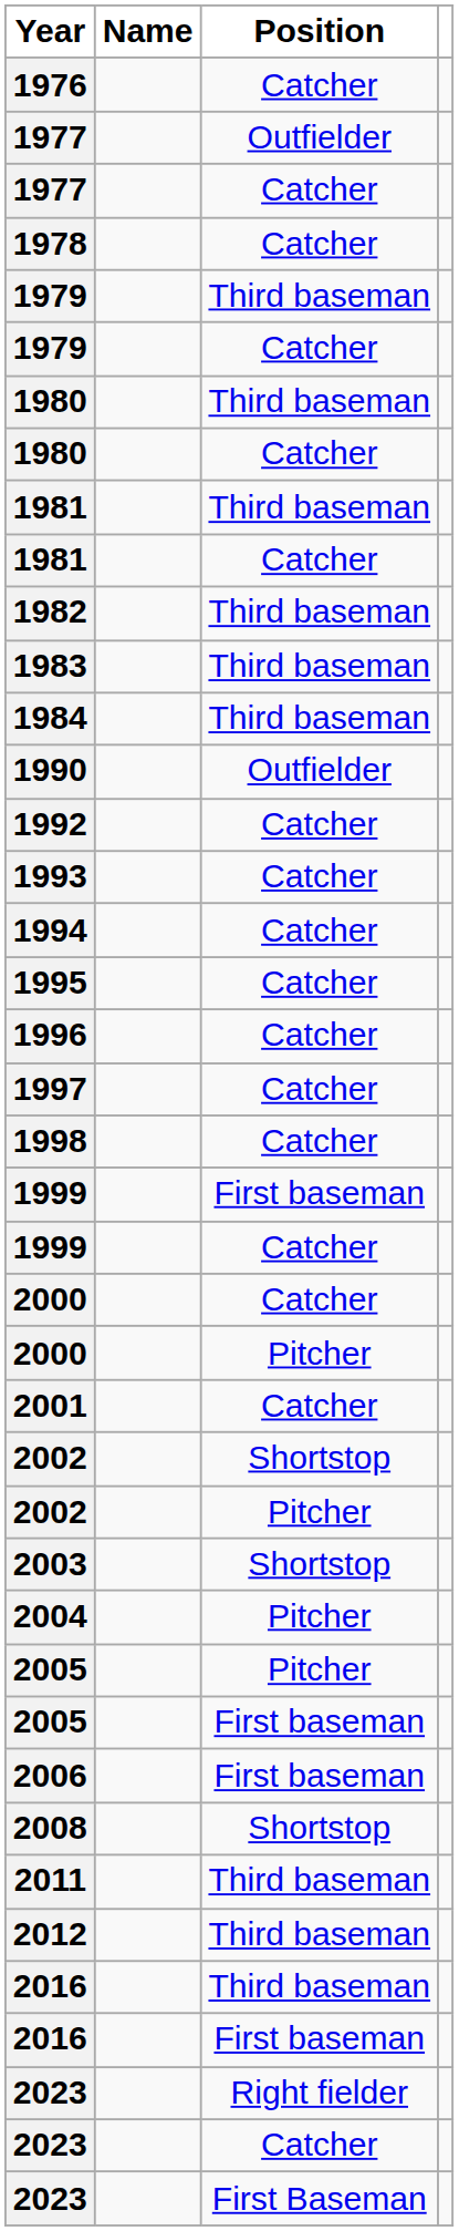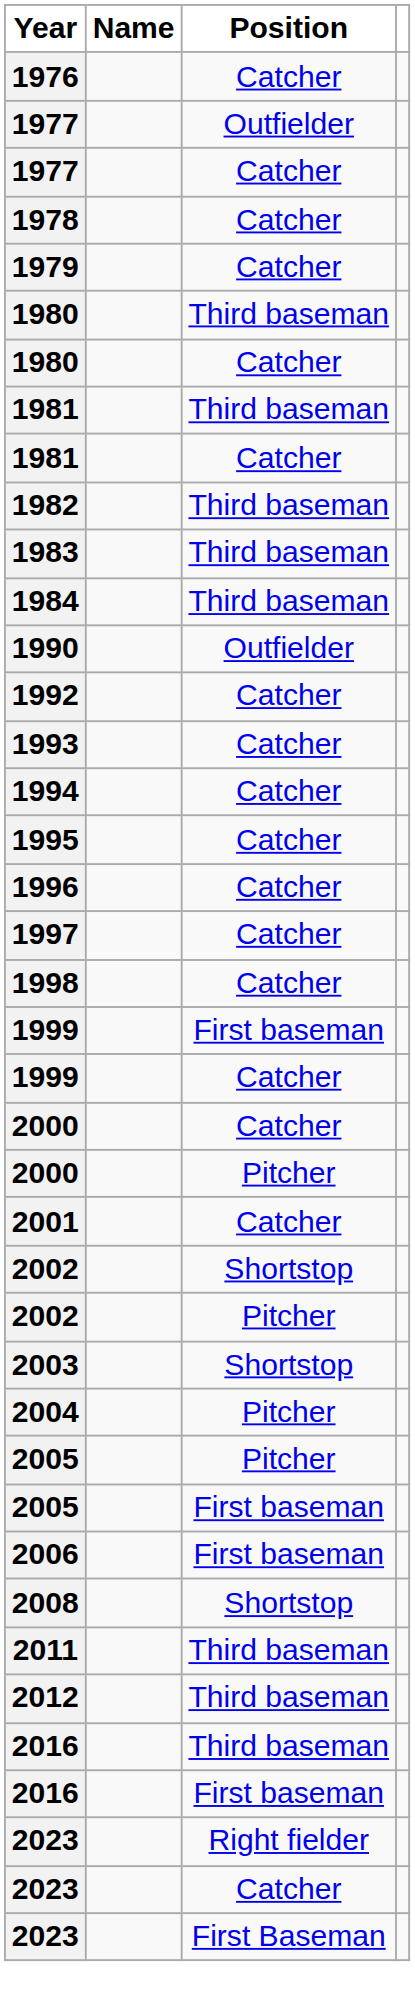 <table class="wikitable sortable plainrowheaders" style="text-align:center">
 <tr>
 <th scope="col" style="background-color:#ffffff; border-top:#">Year</th>
 <th scope="col" style="background-color:#ffffff; border-top:#">Name</th>
 <th scope="col" style="background-color:#ffffff; border-top:#">Position</th>
 <th scope="col" class="unsortable" style="background-color:#ffffff; border-top:#"></th>
 </tr>
 <tr>
 <th scope="row" style="text-align:center">1976</th>
 <td> </td>
 <td><a href='#'>Catcher</a></td>
 <td></td>
 </tr>
 <tr>
 <th scope="row" style="text-align:center">1977</th>
 <td></td>
 <td><a href='#'>Outfielder</a></td>
 <td></td>
 </tr>
 <tr>
 <th scope="row" style="text-align:center">1977</th>
 <td> </td>
 <td><a href='#'>Catcher</a></td>
 <td></td>
 </tr>
 <tr>
 <th scope="row" style="text-align:center">1978</th>
 <td> </td>
 <td><a href='#'>Catcher</a></td>
-<td></td>
-</tr>
-<tr>
-<th scope="row" style="text-align:center">1979</th>
-<td> </td>
-<td><a href='#'>Third baseman</a></td>
 <td></td>
 </tr>
 <tr>
 <th scope="row" style="text-align:center">1979</th>
 <td> </td>
 <td><a href='#'>Catcher</a></td>
 <td></td>
 </tr>
 <tr>
 <th scope="row" style="text-align:center">1980</th>
 <td> </td>
 <td><a href='#'>Third baseman</a></td>
 <td></td>
 </tr>
 <tr>
 <th scope="row" style="text-align:center">1980</th>
 <td> </td>
 <td><a href='#'>Catcher</a></td>
 <td></td>
 </tr>
 <tr>
 <th scope="row" style="text-align:center">1981</th>
 <td> </td>
 <td><a href='#'>Third baseman</a></td>
 <td></td>
 </tr>
 <tr>
 <th scope="row" style="text-align:center">1981</th>
 <td> </td>
 <td><a href='#'>Catcher</a></td>
 <td></td>
 </tr>
 <tr>
 <th scope="row" style="text-align:center">1982</th>
 <td> </td>
 <td><a href='#'>Third baseman</a></td>
 <td></td>
 </tr>
 <tr>
 <th scope="row" style="text-align:center">1983</th>
 <td> </td>
 <td><a href='#'>Third baseman</a></td>
 <td></td>
 </tr>
 <tr>
 <th scope="row" style="text-align:center">1984</th>
 <td> </td>
 <td><a href='#'>Third baseman</a></td>
 <td></td>
 </tr>
 <tr>
 <th scope="row" style="text-align:center">1990</th>
 <td></td>
 <td><a href='#'>Outfielder</a></td>
 <td></td>
 </tr>
 <tr>
 <th scope="row" style="text-align:center">1992</th>
 <td> </td>
 <td><a href='#'>Catcher</a></td>
 <td></td>
 </tr>
 <tr>
 <th scope="row" style="text-align:center">1993</th>
 <td> </td>
 <td><a href='#'>Catcher</a></td>
 <td></td>
 </tr>
 <tr>
 <th scope="row" style="text-align:center">1994</th>
 <td> </td>
 <td><a href='#'>Catcher</a></td>
 <td></td>
 </tr>
 <tr>
 <th scope="row" style="text-align:center">1995</th>
 <td> </td>
 <td><a href='#'>Catcher</a></td>
 <td></td>
 </tr>
 <tr>
 <th scope="row" style="text-align:center">1996</th>
 <td> </td>
 <td><a href='#'>Catcher</a></td>
 <td></td>
 </tr>
 <tr>
 <th scope="row" style="text-align:center">1997</th>
 <td> </td>
 <td><a href='#'>Catcher</a></td>
 <td></td>
 </tr>
 <tr>
 <th scope="row" style="text-align:center">1998</th>
 <td> </td>
 <td><a href='#'>Catcher</a></td>
 <td></td>
 </tr>
 <tr>
 <th scope="row" style="text-align:center">1999</th>
 <td></td>
 <td><a href='#'>First baseman</a></td>
 <td></td>
 </tr>
 <tr>
 <th scope="row" style="text-align:center">1999</th>
 <td> </td>
 <td><a href='#'>Catcher</a></td>
 <td></td>
 </tr>
 <tr>
 <th scope="row" style="text-align:center">2000</th>
 <td> </td>
 <td><a href='#'>Catcher</a></td>
 <td></td>
 </tr>
 <tr>
 <th scope="row" style="text-align:center">2000</th>
 <td> </td>
 <td><a href='#'>Pitcher</a></td>
 <td></td>
 </tr>
 <tr>
 <th scope="row" style="text-align:center">2001</th>
 <td> </td>
 <td><a href='#'>Catcher</a></td>
 <td></td>
 </tr>
 <tr>
 <th scope="row" style="text-align:center">2002</th>
 <td> </td>
 <td><a href='#'>Shortstop</a></td>
 <td></td>
 </tr>
 <tr>
 <th scope="row" style="text-align:center">2002</th>
 <td> </td>
 <td><a href='#'>Pitcher</a></td>
 <td></td>
 </tr>
 <tr>
 <th scope="row" style="text-align:center">2003</th>
 <td> </td>
 <td><a href='#'>Shortstop</a></td>
 <td></td>
 </tr>
 <tr>
 <th scope="row" style="text-align:center">2004</th>
 <td> </td>
 <td><a href='#'>Pitcher</a></td>
 <td></td>
 </tr>
 <tr>
 <th scope="row" style="text-align:center">2005</th>
 <td> </td>
 <td><a href='#'>Pitcher</a></td>
 <td></td>
 </tr>
 <tr>
 <th scope="row" style="text-align:center">2005</th>
 <td> </td>
 <td><a href='#'>First baseman</a></td>
 <td></td>
 </tr>
 <tr>
 <th scope="row" style="text-align:center">2006</th>
 <td> </td>
 <td><a href='#'>First baseman</a></td>
 <td></td>
 </tr>
 <tr>
 <th scope="row" style="text-align:center">2008</th>
 <td></td>
 <td><a href='#'>Shortstop</a></td>
 <td></td>
 </tr>
 <tr>
 <th scope="row" style="text-align:center">2011</th>
 <td> </td>
 <td><a href='#'>Third baseman</a></td>
 <td></td>
 </tr>
 <tr>
 <th scope="row" style="text-align:center">2012</th>
 <td> </td>
 <td><a href='#'>Third baseman</a></td>
 <td></td>
 </tr>
 <tr>
 <th scope="row" style="text-align:center">2016</th>
 <td> </td>
 <td><a href='#'>Third baseman</a></td>
 <td></td>
 </tr>
 <tr>
 <th scope="row" style="text-align:center">2016</th>
 <td></td>
 <td><a href='#'>First baseman</a></td>
 <td></td>
 </tr>
 <tr>
 <th scope="row" style="text-align:center">2023</th>
 <td></td>
 <td><a href='#'>Right fielder</a></td>
 <td></td>
 </tr>
 <tr>
 <th scope="row" style="text-align:center">2023</th>
 <td></td>
 <td><a href='#'>Catcher</a></td>
 <td></td>
 </tr>
 <tr>
 <th scope="row" style="text-align:center">2023</th>
 <td></td>
 <td><a href='#'>First Baseman</a></td>
 <td></td>
 </tr>
 </table>
